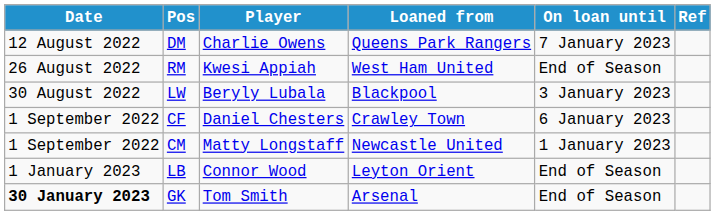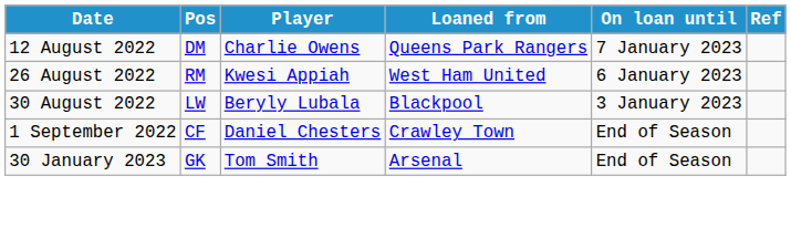 <table class="wikitable plainrowheaders sortable">
 <tr>
 <th style="background:#2191CC; color:#ffffff; ">Date</th>
 <th style="background:#2191CC; color:#ffffff; ">Pos</th>
 <th style="background:#2191CC; color:#ffffff; ">Player</th>
 <th style="background:#2191CC; color:#ffffff; ">Loaned from</th>
 <th style="background:#2191CC; color:#ffffff; ">On loan until</th>
 <th style="background:#2191CC; color:#ffffff; ">Ref</th>
 </tr>
 <tr>
 <td>12 August 2022</td>
 <td><a href='#'>DM</a></td>
 <td> <a href='#'>Charlie Owens</a></td>
 <td> <a href='#'>Queens Park Rangers</a></td>
 <td>7 January 2023</td>
 <td></td>
 </tr>
 <tr>
 <td>26 August 2022</td>
 <td><a href='#'>RM</a></td>
 <td> <a href='#'>Kwesi Appiah</a></td>
 <td> <a href='#'>West Ham United</a></td>
-<td>End of Season</td>
+<td>6 January 2023</td>
 <td></td>
 </tr>
 <tr>
 <td>30 August 2022</td>
 <td><a href='#'>LW</a></td>
 <td> <a href='#'>Beryly Lubala</a></td>
 <td> <a href='#'>Blackpool</a></td>
 <td>3 January 2023</td>
 <td></td>
 </tr>
 <tr>
 <td>1 September 2022</td>
 <td><a href='#'>CF</a></td>
 <td> <a href='#'>Daniel Chesters</a></td>
 <td> <a href='#'>Crawley Town</a></td>
-<td>6 January 2023</td>
-<td></td>
-</tr>
-<tr>
-<td>1 September 2022</td>
-<td><a href='#'>CM</a></td>
-<td> <a href='#'>Matty Longstaff</a></td>
-<td> <a href='#'>Newcastle United</a></td>
-<td>1 January 2023</td>
-<td></td>
-</tr>
-<tr>
-<td>1 January 2023</td>
-<td><a href='#'>LB</a></td>
-<td> <a href='#'>Connor Wood</a></td>
-<td> <a href='#'>Leyton Orient</a></td>
 <td>End of Season</td>
 <td></td>
 </tr>
 <tr>
-<td><strong>30 January 2023</strong></td>
+<td>30 January 2023</td>
 <td><a href='#'>GK</a></td>
 <td> <a href='#'>Tom Smith</a></td>
 <td> <a href='#'>Arsenal</a></td>
 <td>End of Season</td>
 <td></td>
 </tr>
 </table>
